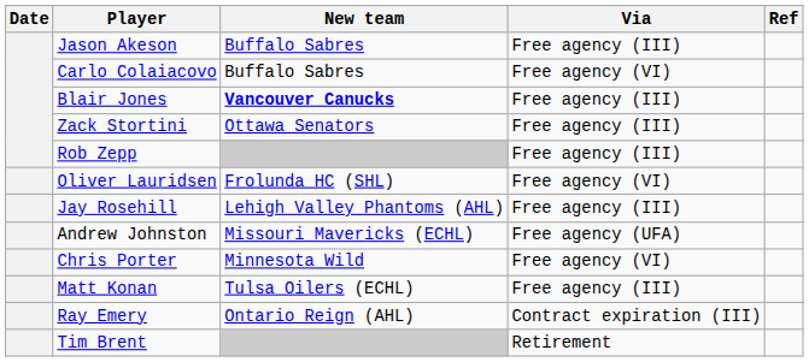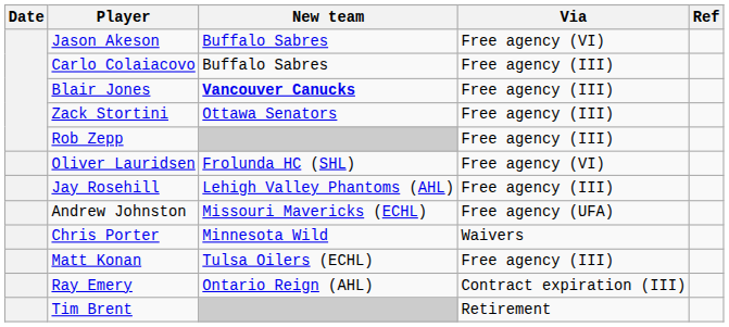 <table class="wikitable plainrowheaders">
 <tr style="background:#ddd; text-align:center;">
 <th>Date</th>
 <th>Player</th>
 <th>New team</th>
 <th>Via</th>
 <th>Ref</th>
 </tr>
 <tr>
 <th scope="row" rowspan=5></th>
 <td><a href='#'>Jason Akeson</a></td>
 <td><a href='#'>Buffalo Sabres</a></td>
-<td>Free agency (III)</td>
+<td>Free agency (VI)</td>
 <td></td>
 </tr>
 <tr>
 <td><a href='#'>Carlo Colaiacovo</a></td>
 <td>Buffalo Sabres</td>
-<td>Free agency (VI)</td>
+<td>Free agency (III)</td>
 <td></td>
 </tr>
 <tr>
 <td><a href='#'>Blair Jones</a></td>
 <td><strong><a href='#'>Vancouver Canucks</a></strong></td>
 <td>Free agency (III)</td>
 <td></td>
 </tr>
 <tr>
 <td><a href='#'>Zack Stortini</a></td>
 <td><a href='#'>Ottawa Senators</a></td>
 <td>Free agency (III)</td>
 <td></td>
 </tr>
 <tr>
 <td><a href='#'>Rob Zepp</a></td>
 <td style="background:#ccc"></td>
 <td>Free agency (III)</td>
 <td></td>
 </tr>
 <tr>
 <th scope="row"></th>
 <td><a href='#'>Oliver Lauridsen</a></td>
 <td><a href='#'>Frolunda HC</a> (<a href='#'>SHL</a>)</td>
 <td>Free agency (VI)</td>
 <td></td>
 </tr>
 <tr>
 <th scope="row"></th>
 <td><a href='#'>Jay Rosehill</a></td>
 <td><a href='#'>Lehigh Valley Phantoms</a> (<a href='#'>AHL</a>)</td>
 <td>Free agency (III)</td>
 <td></td>
 </tr>
 <tr>
 <th scope="row"></th>
 <td>Andrew Johnston</td>
 <td><a href='#'>Missouri Mavericks</a> (<a href='#'>ECHL</a>)</td>
 <td>Free agency (UFA)</td>
 <td></td>
 </tr>
 <tr>
 <th scope="row"></th>
 <td><a href='#'>Chris Porter</a></td>
 <td><a href='#'>Minnesota Wild</a></td>
-<td>Free agency (VI)</td>
+<td>Waivers</td>
 <td></td>
 </tr>
 <tr>
 <th scope="row"></th>
 <td><a href='#'>Matt Konan</a></td>
 <td><a href='#'>Tulsa Oilers</a> (ECHL)</td>
 <td>Free agency (III)</td>
 <td></td>
 </tr>
 <tr>
 <th scope="row"></th>
 <td><a href='#'>Ray Emery</a></td>
 <td><a href='#'>Ontario Reign</a> (AHL)</td>
 <td>Contract expiration (III)</td>
 <td></td>
 </tr>
 <tr>
 <th scope="row"></th>
 <td><a href='#'>Tim Brent</a></td>
 <td style="background:#ccc"></td>
 <td>Retirement</td>
 <td></td>
 </tr>
 </table>
